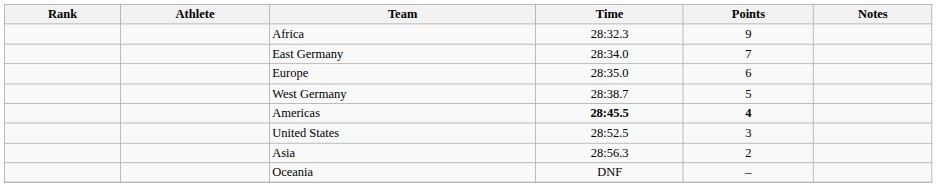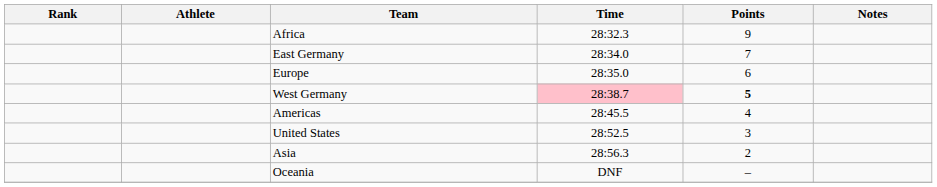 <table class="wikitable sortable" style="text-align:center" width="60%">
 <tr>
 <th>Rank</th>
 <th>Athlete</th>
 <th>Team</th>
 <th>Time</th>
 <th>Points</th>
 <th>Notes</th>
 </tr>
 <tr>
 <td></td>
 <td align="left"></td>
 <td align=left>Africa</td>
 <td>28:32.3</td>
 <td>9</td>
 <td></td>
 </tr>
 <tr>
 <td></td>
 <td align="left"></td>
 <td align=left>East Germany</td>
 <td>28:34.0</td>
 <td>7</td>
 <td></td>
 </tr>
 <tr>
 <td></td>
 <td align="left"></td>
 <td align=left>Europe</td>
 <td>28:35.0</td>
 <td>6</td>
 <td></td>
 </tr>
 <tr>
 <td></td>
 <td align="left"></td>
 <td align=left>West Germany</td>
-<td>28:38.7</td>
-<td>5</td>
+<td style="background: pink;">28:38.7</td>
+<td><strong>5</strong></td>
 <td></td>
 </tr>
 <tr>
 <td></td>
 <td align="left"></td>
 <td align=left>Americas</td>
-<td><strong>28:45.5</strong></td>
-<td><strong>4</strong></td>
+<td>28:45.5</td>
+<td>4</td>
 <td></td>
 </tr>
 <tr>
 <td></td>
 <td align="left"></td>
 <td align=left>United States</td>
 <td>28:52.5</td>
 <td>3</td>
 <td></td>
 </tr>
 <tr>
 <td></td>
 <td align="left"></td>
 <td align=left>Asia</td>
 <td>28:56.3</td>
 <td>2</td>
 <td></td>
 </tr>
 <tr>
 <td></td>
 <td align="left"></td>
 <td align=left>Oceania</td>
 <td>DNF</td>
 <td>–</td>
 <td></td>
 </tr>
 <tr>
 </tr>
 </table>
